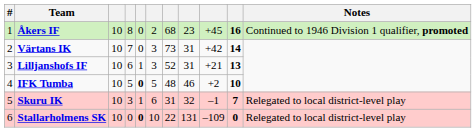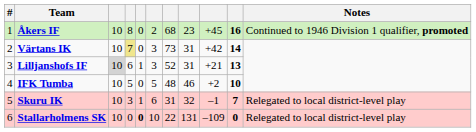 <table class="wikitable sortable">
 <tr>
 <th>#</th>
 <th>Team</th>
 <th></th>
 <th></th>
 <th></th>
 <th></th>
 <th></th>
 <th></th>
 <th></th>
 <th></th>
 <th>Notes</th>
 </tr>
 <tr style="background: #D0F0C0;">
 <td>1</td>
 <td style="font-weight:bold;"><a href='#'>Åkers IF</a></td>
 <td style="text-align: center;">10</td>
 <td style="text-align: center;">8</td>
 <td style="text-align: center;">0</td>
 <td style="text-align: center;">2</td>
 <td style="text-align: center;">68</td>
 <td style="text-align: center;">23</td>
 <td style="text-align: center;">+45</td>
 <td style="text-align: center; font-weight:bold;">16</td>
 <td>Continued to 1946 Division 1 qualifier, <strong>promoted</strong></td>
 </tr>
 <tr>
 <td>2</td>
 <td style="font-weight:bold;"><a href='#'>Värtans IK</a></td>
 <td style="text-align: center;">10</td>
-<td style="text-align: center;">7</td>
+<td style="background: khaki; text-align: center;">7</td>
 <td style="text-align: center;">0</td>
 <td style="text-align: center;">3</td>
 <td style="text-align: center;">73</td>
 <td style="text-align: center;">31</td>
 <td style="text-align: center;">+42</td>
 <td style="text-align: center; font-weight:bold;">14</td>
 </tr>
 <tr>
 <td>3</td>
 <td style="font-weight:bold;"><a href='#'>Lilljanshofs IF</a></td>
-<td style="text-align: center;">10</td>
+<td style="background: lightgrey; text-align: center;">10</td>
 <td style="text-align: center;">6</td>
 <td style="text-align: center;">1</td>
 <td style="text-align: center;">3</td>
 <td style="text-align: center;">52</td>
 <td style="text-align: center;">31</td>
 <td style="text-align: center;">+21</td>
 <td style="text-align: center; font-weight:bold;">13</td>
 </tr>
 <tr>
 <td>4</td>
 <td style="font-weight:bold;"><a href='#'>IFK Tumba</a></td>
 <td style="text-align: center;">10</td>
 <td style="text-align: center;">5</td>
-<td style="text-align: center;"><strong>0</strong></td>
+<td style="text-align: center;">0</td>
 <td style="text-align: center;">5</td>
 <td style="text-align: center;">48</td>
 <td style="text-align: center;">46</td>
 <td style="text-align: center;">+2</td>
 <td style="text-align: center; font-weight:bold;">10</td>
 </tr>
 <tr style="background: #FFCCCC;">
 <td>5</td>
 <td style="font-weight:bold;"><a href='#'>Skuru IK</a></td>
 <td style="text-align: center;">10</td>
 <td style="text-align: center;">3</td>
 <td style="text-align: center;">1</td>
 <td style="text-align: center;">6</td>
 <td style="text-align: center;">31</td>
 <td style="text-align: center;">32</td>
 <td style="text-align: center;">–1</td>
 <td style="text-align: center; font-weight:bold;">7</td>
 <td>Relegated to local district-level play</td>
 </tr>
 <tr style="background: #FFCCCC;">
 <td>6</td>
 <td style="font-weight:bold;"><a href='#'>Stallarholmens SK</a></td>
 <td style="text-align: center;">10</td>
 <td style="text-align: center;">0</td>
 <td style="text-align: center;"><strong>0</strong></td>
 <td style="text-align: center;">10</td>
 <td style="text-align: center;">22</td>
 <td style="text-align: center;">131</td>
 <td style="text-align: center;">–109</td>
 <td style="text-align: center; font-weight:bold;">0</td>
 <td>Relegated to local district-level play</td>
 </tr>
 </table>
